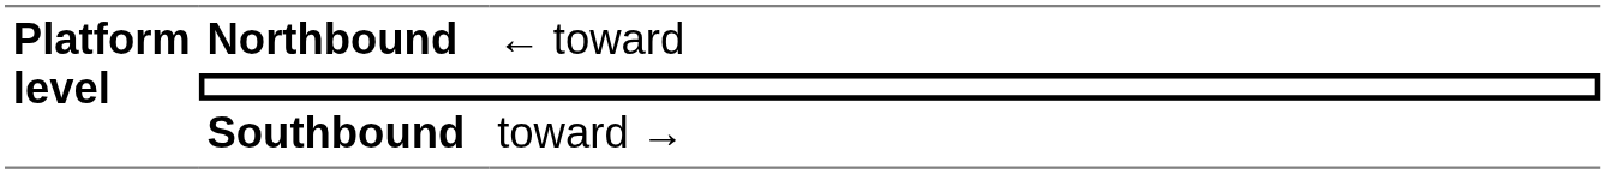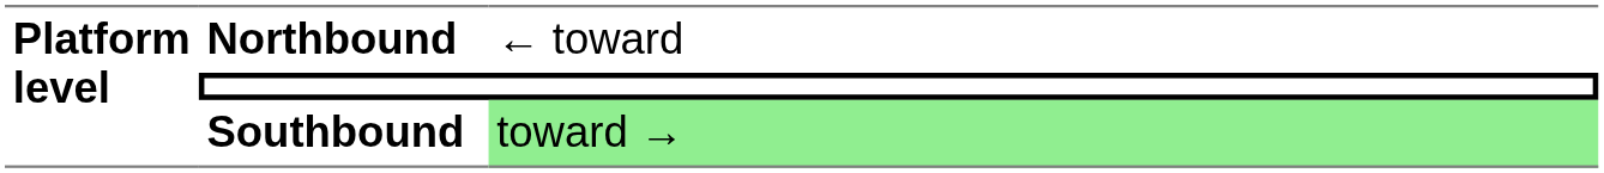 <table cellpadding="3" cellspacing="0" border="0">
 <tr>
 <td rowspan="3" width="50" style="border-top-color: gray; border-bottom-color: gray; border-top-width: 1px; border-bottom-width: 1px; border-top-style: solid; border-bottom-style: solid;" valign="top"><strong>Platform level</strong></td>
 <td width="100" style="border-top-color: gray; border-top-width: 1px; border-top-style: solid;"><strong>Northbound</strong></td>
 <td width="400" style="border-top-color: gray; border-top-width: 1px; border-top-style: solid;">←  toward  </td>
 </tr>
 <tr>
 <td colspan="2" style="border: 2px solid black; border-image: none; text-align: center;"></td>
 </tr>
 <tr>
 <td style="border-bottom-color: gray; border-bottom-width: 1px; border-bottom-style: solid;"><strong>Southbound</strong></td>
-<td style="border-bottom-color: gray; border-bottom-width: 1px; border-bottom-style: solid;"> toward   →</td>
+<td style="background: lightgreen; border-bottom-color: gray; border-bottom-width: 1px; border-bottom-style: solid;"> toward   →</td>
 </tr>
 </table>
